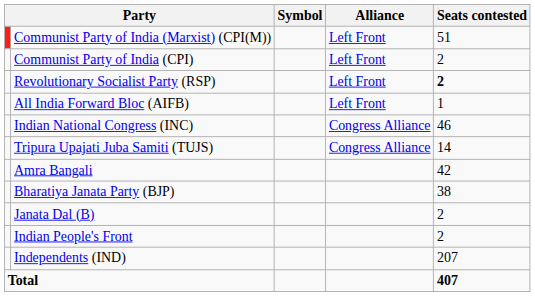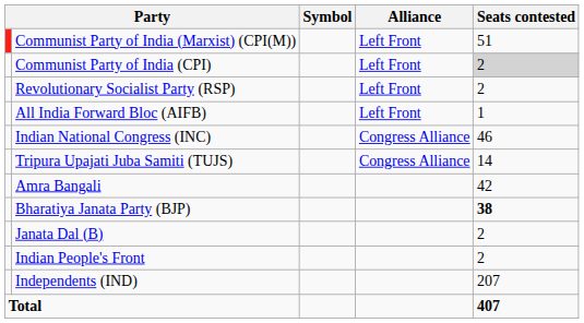 <table class="wikitable">
 <tr>
 <th colspan="2">Party</th>
 <th>Symbol</th>
 <th>Alliance</th>
 <th>Seats contested</th>
 </tr>
 <tr>
 <td bgcolor=#FF1D15></td>
 <td><a href='#'>Communist Party of India (Marxist)</a> (CPI(M))</td>
 <td></td>
 <td><a href='#'>Left Front</a></td>
 <td>51</td>
 </tr>
 <tr>
 <td></td>
 <td><a href='#'>Communist Party of India</a> (CPI)</td>
 <td></td>
 <td><a href='#'>Left Front</a></td>
-<td>2</td>
+<td style="background: lightgrey;">2</td>
 </tr>
 <tr>
 <td></td>
 <td><a href='#'>Revolutionary Socialist Party</a> (RSP)</td>
 <td></td>
 <td><a href='#'>Left Front</a></td>
-<td><strong>2</strong></td>
+<td>2</td>
 </tr>
 <tr>
 <td></td>
 <td><a href='#'>All India Forward Bloc</a> (AIFB)</td>
 <td></td>
 <td><a href='#'>Left Front</a></td>
 <td>1</td>
 </tr>
 <tr>
 <td></td>
 <td><a href='#'>Indian National Congress</a> (INC)</td>
 <td></td>
 <td><a href='#'>Congress Alliance</a></td>
 <td>46</td>
 </tr>
 <tr>
 <td></td>
 <td><a href='#'>Tripura Upajati Juba Samiti</a> (TUJS)</td>
 <td></td>
 <td><a href='#'>Congress Alliance</a></td>
 <td>14</td>
 </tr>
 <tr>
 <td></td>
 <td><a href='#'>Amra Bangali</a></td>
 <td></td>
 <td></td>
 <td>42</td>
 </tr>
 <tr>
 <td></td>
 <td><a href='#'>Bharatiya Janata Party</a> (BJP)</td>
 <td></td>
 <td></td>
-<td>38</td>
+<td><strong>38</strong></td>
 </tr>
 <tr>
 <td></td>
 <td><a href='#'>Janata Dal (B)</a></td>
 <td></td>
 <td></td>
 <td>2</td>
 </tr>
 <tr>
 <td></td>
 <td><a href='#'>Indian People's Front</a></td>
 <td></td>
 <td></td>
 <td>2</td>
 </tr>
 <tr>
 <td></td>
 <td><a href='#'>Independents</a> (IND)</td>
 <td></td>
 <td></td>
 <td>207</td>
 </tr>
 <tr>
 <td colspan="2"><strong>Total</strong></td>
 <td></td>
 <td></td>
 <td><strong>407</strong></td>
 </tr>
 </table>
